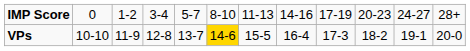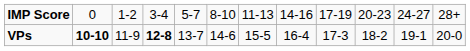 <table class="wikitable" style="float:left; margin-top:-5px; align=center;">
 <tr align=center>
 <td align=left><strong>IMP Score</strong></td>
 <td>0</td>
 <td>1-2</td>
 <td>3-4</td>
 <td>5-7</td>
 <td>8-10</td>
 <td>11-13</td>
 <td>14-16</td>
 <td>17-19</td>
 <td>20-23</td>
 <td>24-27</td>
 <td>28+</td>
 </tr>
 <tr align=center>
 <td align=left><strong>VPs</strong></td>
-<td>10-10</td>
+<td><strong>10-10</strong></td>
 <td>11-9</td>
-<td>12-8</td>
+<td><strong>12-8</strong></td>
 <td>13-7</td>
-<td style="background: gold;">14-6</td>
+<td>14-6</td>
 <td>15-5</td>
 <td>16-4</td>
 <td>17-3</td>
 <td>18-2</td>
 <td>19-1</td>
 <td>20-0</td>
 </tr>
 </table>
